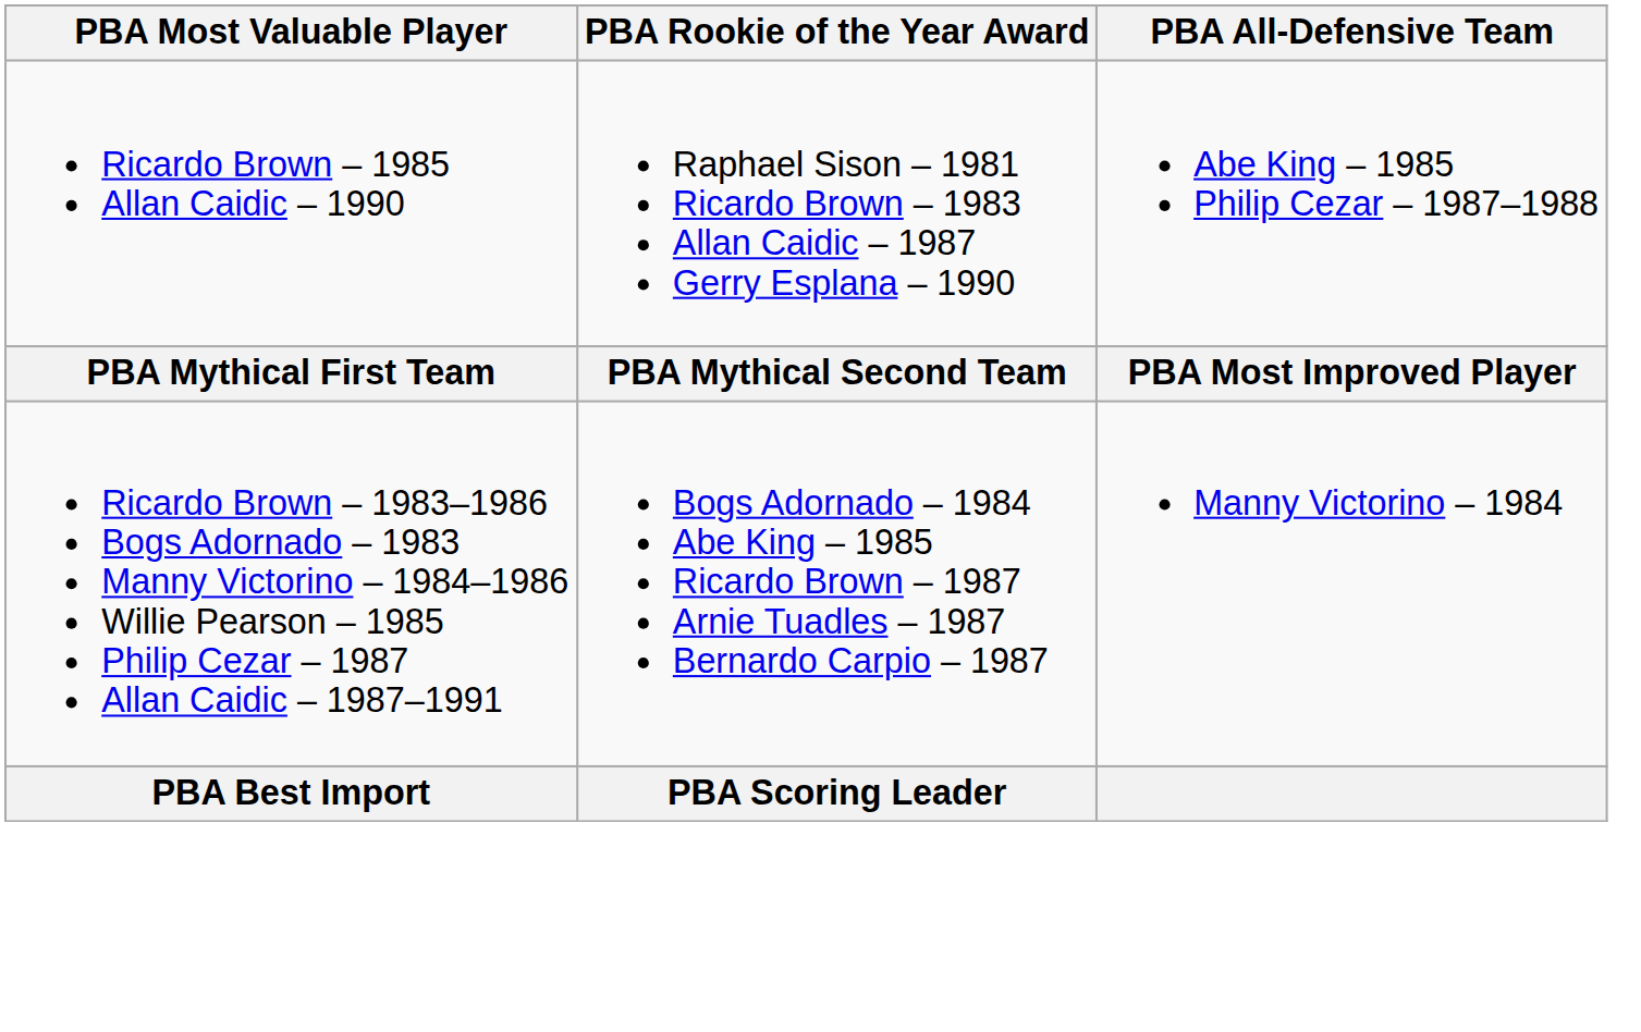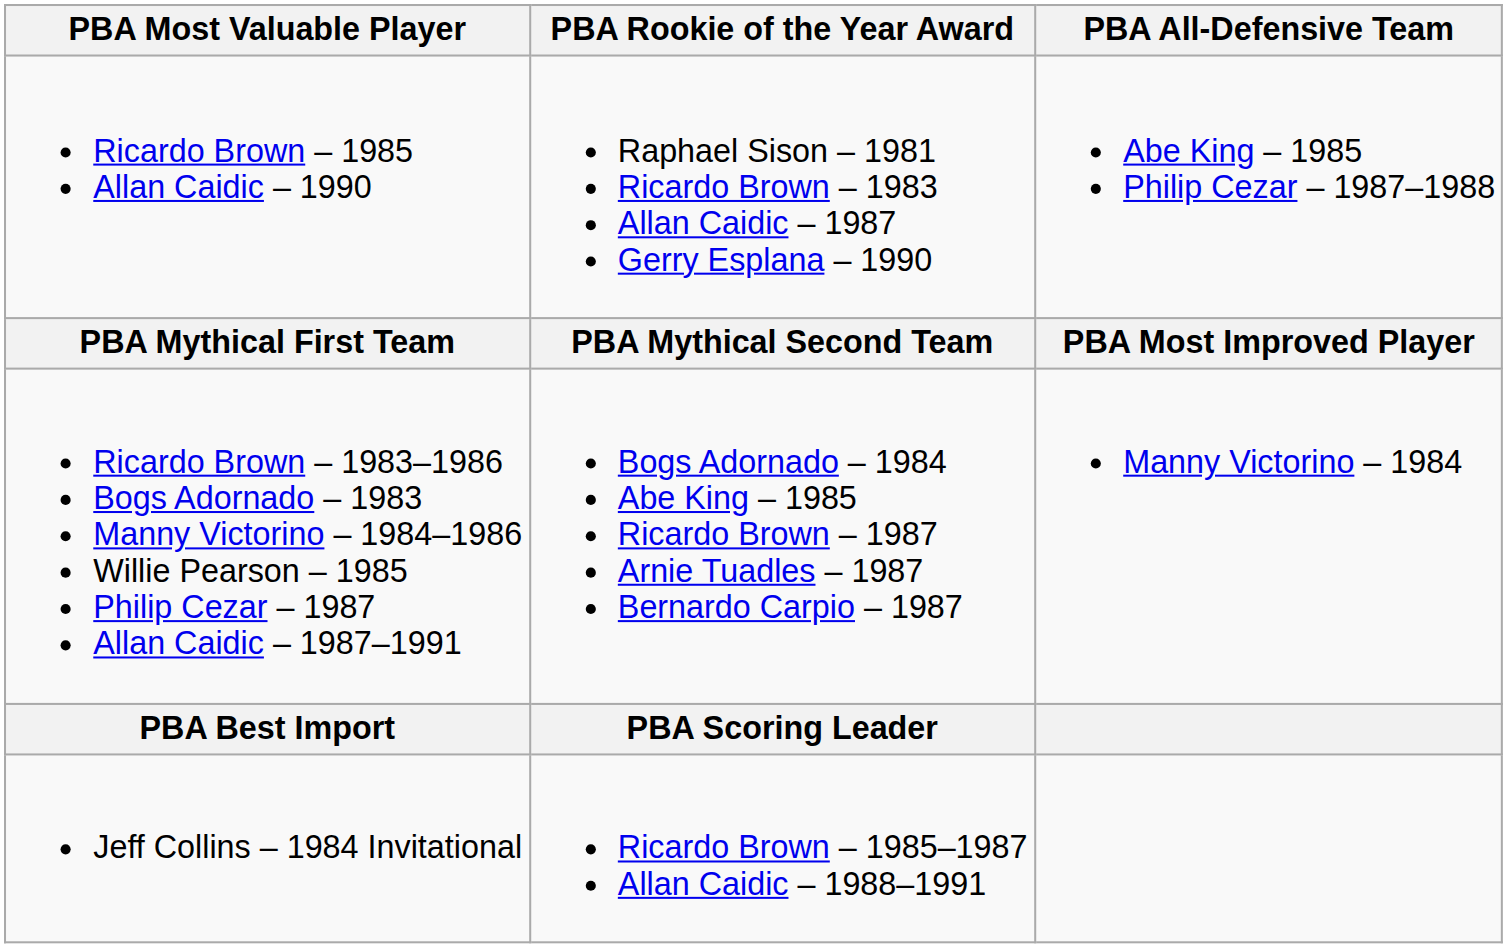 <table class=wikitable>
 <tr>
 <th>PBA Most Valuable Player</th>
 <th>PBA Rookie of the Year Award</th>
 <th>PBA All-Defensive Team</th>
 </tr>
 <tr>
 <td valign="top"><br><ul><li><a href='#'>Ricardo Brown</a> – 1985</li><li><a href='#'>Allan Caidic</a> – 1990</li></ul></td>
 <td valign="top"><br><ul><li>Raphael Sison – 1981</li><li><a href='#'>Ricardo Brown</a> – 1983</li><li><a href='#'>Allan Caidic</a> – 1987</li><li><a href='#'>Gerry Esplana</a> – 1990</li></ul></td>
 <td valign="top"><br><ul><li><a href='#'>Abe King</a> – 1985</li><li><a href='#'>Philip Cezar</a> – 1987–1988</li></ul></td>
 </tr>
 <tr>
 <th>PBA Mythical First Team</th>
 <th>PBA Mythical Second Team</th>
 <th>PBA Most Improved Player</th>
 </tr>
 <tr>
 <td valign="top"><br><ul><li><a href='#'>Ricardo Brown</a> – 1983–1986</li><li><a href='#'>Bogs Adornado</a> – 1983</li><li><a href='#'>Manny Victorino</a> – 1984–1986</li><li>Willie Pearson – 1985</li><li><a href='#'>Philip Cezar</a> – 1987</li><li><a href='#'>Allan Caidic</a> – 1987–1991</li></ul></td>
 <td valign="top"><br><ul><li><a href='#'>Bogs Adornado</a> – 1984</li><li><a href='#'>Abe King</a> – 1985</li><li><a href='#'>Ricardo Brown</a> – 1987</li><li><a href='#'>Arnie Tuadles</a> – 1987</li><li><a href='#'>Bernardo Carpio</a> – 1987</li></ul></td>
 <td valign="top"><br><ul><li><a href='#'>Manny Victorino</a> – 1984</li></ul></td>
 </tr>
 <tr>
 <th>PBA Best Import</th>
 <th>PBA Scoring Leader</th>
 <th></th>
 </tr>
+<tr>
+<td valign="top"><br><ul><li>Jeff Collins – 1984 Invitational</li></ul></td>
+<td valign="top"><br><ul><li><a href='#'>Ricardo Brown</a> – 1985–1987</li><li><a href='#'>Allan Caidic</a> – 1988–1991</li></ul></td>
+<td valign="top"></td>
+</tr>
 </table>
